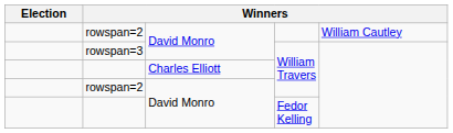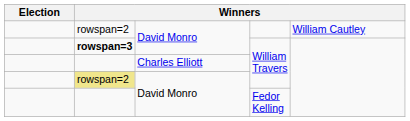 <table class=wikitable>
 <tr>
 <th width=100>Election</th>
 <th colspan=4>Winners</th>
 </tr>
 <tr>
 <td></td>
 <td>rowspan=2 </td>
 <td width=170 rowspan=2><a href='#'>David Monro</a></td>
 <td></td>
 <td width=170><a href='#'>William Cautley</a></td>
 </tr>
 <tr>
 <td></td>
-<td>rowspan=3 </td>
+<td><strong>rowspan=3 </strong></td>
 <td rowspan=3><a href='#'>William Travers</a></td>
 </tr>
 <tr>
 <td></td>
 <td></td>
 <td><a href='#'>Charles Elliott</a></td>
 </tr>
 <tr>
 <td></td>
-<td>rowspan=2 </td>
+<td style="background: khaki;">rowspan=2 </td>
 <td rowspan=2>David Monro</td>
 </tr>
 <tr>
 <td></td>
 <td></td>
 <td><a href='#'>Fedor Kelling</a></td>
 </tr>
 </table>
